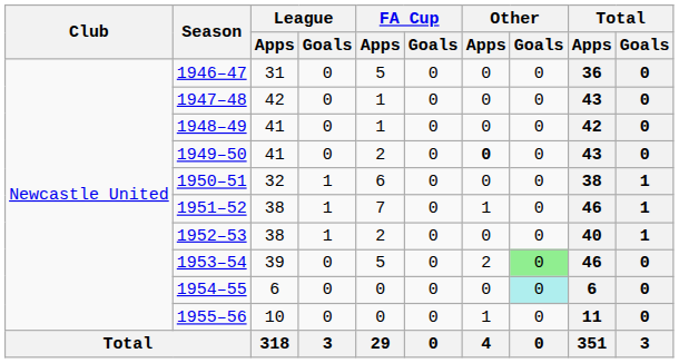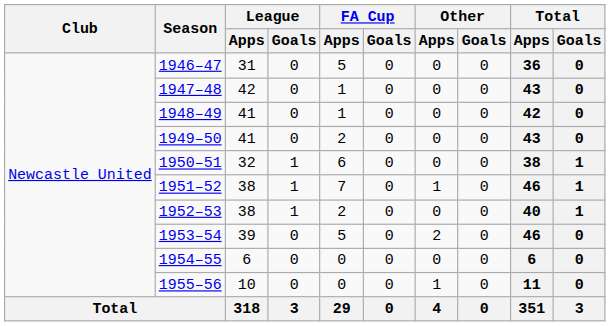 <table class="wikitable" style="text-align: center">
 <tr>
 <th rowspan="2">Club</th>
 <th rowspan="2">Season</th>
 <th colspan="2">League</th>
 <th colspan="2"><a href='#'>FA Cup</a></th>
 <th colspan="2">Other</th>
 <th colspan="2">Total</th>
 </tr>
 <tr>
 <th>Apps</th>
 <th>Goals</th>
 <th>Apps</th>
 <th>Goals</th>
 <th>Apps</th>
 <th>Goals</th>
 <th>Apps</th>
 <th>Goals</th>
 </tr>
 <tr>
 <td rowspan="10"><a href='#'>Newcastle United</a></td>
 <td><a href='#'>1946–47</a></td>
 <td>31</td>
 <td>0</td>
 <td>5</td>
 <td>0</td>
 <td>0</td>
 <td>0</td>
 <th>36</th>
 <th>0</th>
 </tr>
 <tr>
 <td><a href='#'>1947–48</a></td>
 <td>42</td>
 <td>0</td>
 <td>1</td>
 <td>0</td>
 <td>0</td>
 <td>0</td>
 <th>43</th>
 <th>0</th>
 </tr>
 <tr>
 <td><a href='#'>1948–49</a></td>
 <td>41</td>
 <td>0</td>
 <td>1</td>
 <td>0</td>
 <td>0</td>
 <td>0</td>
 <th>42</th>
 <th>0</th>
 </tr>
 <tr>
 <td><a href='#'>1949–50</a></td>
 <td>41</td>
 <td>0</td>
 <td>2</td>
 <td>0</td>
-<td><strong>0</strong></td>
+<td>0</td>
 <td>0</td>
 <th>43</th>
 <th>0</th>
 </tr>
 <tr>
 <td><a href='#'>1950–51</a></td>
 <td>32</td>
 <td>1</td>
 <td>6</td>
 <td>0</td>
 <td>0</td>
 <td>0</td>
 <th>38</th>
 <th>1</th>
 </tr>
 <tr>
 <td><a href='#'>1951–52</a></td>
 <td>38</td>
 <td>1</td>
 <td>7</td>
 <td>0</td>
 <td>1</td>
 <td>0</td>
 <th>46</th>
 <th>1</th>
 </tr>
 <tr>
 <td><a href='#'>1952–53</a></td>
 <td>38</td>
 <td>1</td>
 <td>2</td>
 <td>0</td>
 <td>0</td>
 <td>0</td>
 <th>40</th>
 <th>1</th>
 </tr>
 <tr>
 <td><a href='#'>1953–54</a></td>
 <td>39</td>
 <td>0</td>
 <td>5</td>
 <td>0</td>
 <td>2</td>
-<td style="background: lightgreen;">0</td>
+<td>0</td>
 <th>46</th>
 <th>0</th>
 </tr>
 <tr>
 <td><a href='#'>1954–55</a></td>
 <td>6</td>
 <td>0</td>
 <td>0</td>
 <td>0</td>
 <td>0</td>
-<td style="background: paleturquoise;">0</td>
+<td>0</td>
 <th>6</th>
 <th>0</th>
 </tr>
 <tr>
 <td><a href='#'>1955–56</a></td>
 <td>10</td>
 <td>0</td>
 <td>0</td>
 <td>0</td>
 <td>1</td>
 <td>0</td>
 <th>11</th>
 <th>0</th>
 </tr>
 <tr>
 <th colspan="2">Total</th>
 <th>318</th>
 <th>3</th>
 <th>29</th>
 <th>0</th>
 <th>4</th>
 <th>0</th>
 <th>351</th>
 <th>3</th>
 </tr>
 </table>
